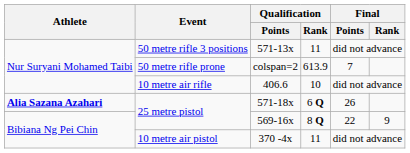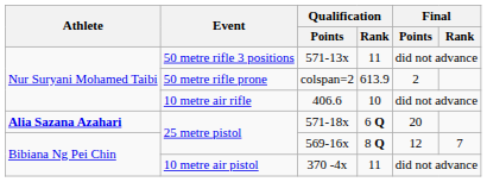 <table class="wikitable" style="font-size:90%">
 <tr>
 <th rowspan=2>Athlete</th>
 <th rowspan=2>Event</th>
 <th colspan=2>Qualification</th>
 <th colspan=2>Final</th>
 </tr>
 <tr style="font-size:95%">
 <th>Points</th>
 <th>Rank</th>
 <th>Points</th>
 <th>Rank</th>
 </tr>
 <tr align=center>
 <td align=left rowspan=3><a href='#'>Nur Suryani Mohamed Taibi</a></td>
 <td align=left><a href='#'>50 metre rifle 3 positions</a></td>
 <td>571-13x</td>
 <td>11</td>
 <td colspan=2>did not advance</td>
 </tr>
 <tr align=center>
 <td align=left><a href='#'>50 metre rifle prone</a></td>
 <td>colspan=2 </td>
 <td>613.9</td>
-<td>7</td>
+<td>2</td>
 </tr>
 <tr align=center>
 <td align=left><a href='#'>10 metre air rifle</a></td>
 <td>406.6</td>
 <td>10</td>
 <td colspan=2>did not advance</td>
 </tr>
 <tr align=center>
 <td align=left><strong><a href='#'>Alia Sazana Azahari</a></strong></td>
 <td align=left rowspan=2><a href='#'>25 metre pistol</a></td>
 <td>571-18x</td>
 <td>6 <strong>Q</strong></td>
-<td>26</td>
+<td>20</td>
 <td></td>
 </tr>
 <tr align=center>
 <td align=left rowspan=2><a href='#'>Bibiana Ng Pei Chin</a></td>
 <td>569-16x</td>
 <td>8 <strong>Q</strong></td>
-<td>22</td>
-<td>9</td>
+<td>12</td>
+<td>7</td>
 </tr>
 <tr align=center>
 <td align=left><a href='#'>10 metre air pistol</a></td>
 <td>370 -4x</td>
 <td>11</td>
 <td colspan=2>did not advance</td>
 </tr>
 </table>
